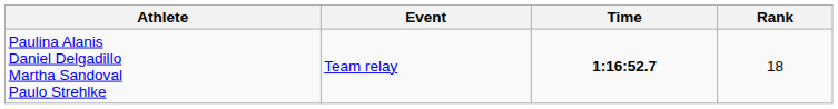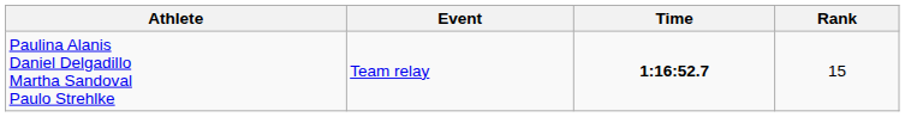 <table class="wikitable" style="text-align:center; font-size:90%; width:50%;">
 <tr>
 <th>Athlete</th>
 <th>Event</th>
 <th>Time</th>
 <th>Rank</th>
 </tr>
 <tr>
 <td align=left><a href='#'>Paulina Alanis</a>  <br><a href='#'>Daniel Delgadillo</a><br> <a href='#'>Martha Sandoval</a> <br> <a href='#'>Paulo Strehlke</a></td>
 <td align=left><a href='#'>Team relay</a></td>
 <td><strong>1:16:52.7</strong></td>
-<td>18</td>
+<td>15</td>
 </tr>
 </table>
